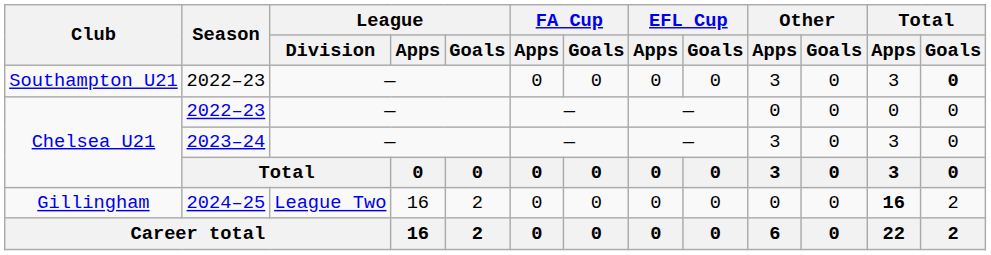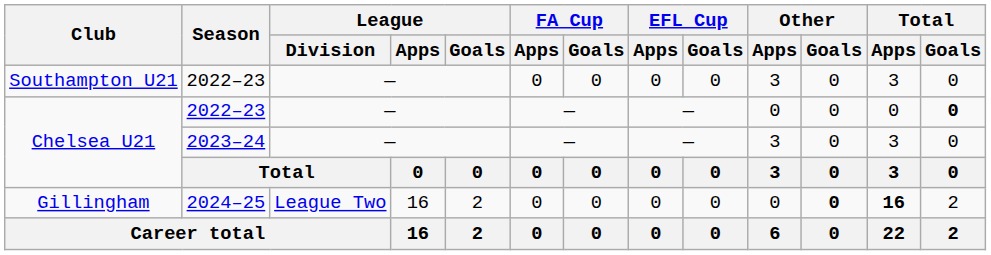 <table class=wikitable style=text-align:center>
 <tr>
 <th rowspan=2>Club</th>
 <th rowspan=2>Season</th>
 <th colspan=3>League</th>
 <th colspan=2><a href='#'>FA Cup</a></th>
 <th colspan=2><a href='#'>EFL Cup</a></th>
 <th colspan=2>Other</th>
 <th colspan=2>Total</th>
 </tr>
 <tr>
 <th>Division</th>
 <th>Apps</th>
 <th>Goals</th>
 <th>Apps</th>
 <th>Goals</th>
 <th>Apps</th>
 <th>Goals</th>
 <th>Apps</th>
 <th>Goals</th>
 <th>Apps</th>
 <th>Goals</th>
 </tr>
 <tr>
 <td><a href='#'>Southampton U21</a></td>
 <td>2022–23</td>
 <td colspan=3>—</td>
 <td>0</td>
 <td>0</td>
 <td>0</td>
 <td>0</td>
 <td>3</td>
 <td>0</td>
 <td>3</td>
-<td><strong>0</strong></td>
+<td>0</td>
 </tr>
 <tr>
 <td rowspan="3"><a href='#'>Chelsea U21</a></td>
 <td><a href='#'>2022–23</a></td>
 <td colspan="3">—</td>
 <td colspan="2">—</td>
 <td colspan="2">—</td>
 <td>0</td>
 <td>0</td>
 <td>0</td>
-<td>0</td>
+<td><strong>0</strong></td>
 </tr>
 <tr>
 <td><a href='#'>2023–24</a></td>
 <td colspan=3>—</td>
 <td colspan=2>—</td>
 <td colspan=2>—</td>
 <td>3</td>
 <td>0</td>
 <td>3</td>
 <td>0</td>
 </tr>
 <tr>
 <th colspan=2>Total</th>
 <th>0</th>
 <th>0</th>
 <th>0</th>
 <th>0</th>
 <th>0</th>
 <th>0</th>
 <th>3</th>
 <th>0</th>
 <th>3</th>
 <th>0</th>
 </tr>
 <tr>
 <td><a href='#'>Gillingham</a></td>
 <td><a href='#'>2024–25</a></td>
 <td><a href='#'>League Two</a></td>
 <td>16</td>
 <td>2</td>
 <td>0</td>
 <td>0</td>
 <td>0</td>
 <td>0</td>
 <td>0</td>
-<td>0</td>
+<td><strong>0</strong></td>
 <td><strong>16</strong></td>
 <td>2</td>
 </tr>
 <tr>
 <th colspan=3>Career total</th>
 <th>16</th>
 <th>2</th>
 <th>0</th>
 <th>0</th>
 <th>0</th>
 <th>0</th>
 <th>6</th>
 <th>0</th>
 <th>22</th>
 <th>2</th>
 </tr>
 </table>
